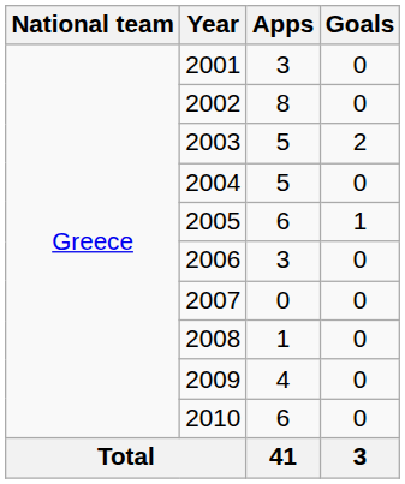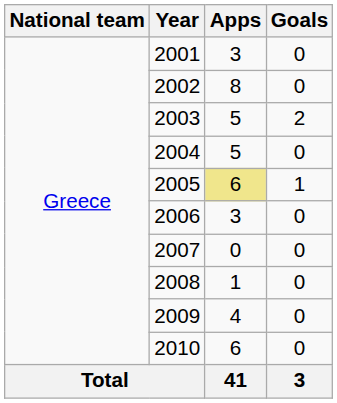 <table class="wikitable" style="text-align:center">
 <tr>
 <th>National team</th>
 <th>Year</th>
 <th>Apps</th>
 <th>Goals</th>
 </tr>
 <tr>
 <td rowspan="10"><a href='#'>Greece</a></td>
 <td>2001</td>
 <td>3</td>
 <td>0</td>
 </tr>
 <tr>
 <td>2002</td>
 <td>8</td>
 <td>0</td>
 </tr>
 <tr>
 <td>2003</td>
 <td>5</td>
 <td>2</td>
 </tr>
 <tr>
 <td>2004</td>
 <td>5</td>
 <td>0</td>
 </tr>
 <tr>
 <td>2005</td>
-<td>6</td>
+<td style="background: khaki;">6</td>
 <td>1</td>
 </tr>
 <tr>
 <td>2006</td>
 <td>3</td>
 <td>0</td>
 </tr>
 <tr>
 <td>2007</td>
 <td>0</td>
 <td>0</td>
 </tr>
 <tr>
 <td>2008</td>
 <td>1</td>
 <td>0</td>
 </tr>
 <tr>
 <td>2009</td>
 <td>4</td>
 <td>0</td>
 </tr>
 <tr>
 <td>2010</td>
 <td>6</td>
 <td>0</td>
 </tr>
 <tr>
 <th colspan="2">Total</th>
 <th>41</th>
 <th>3</th>
 </tr>
 </table>
